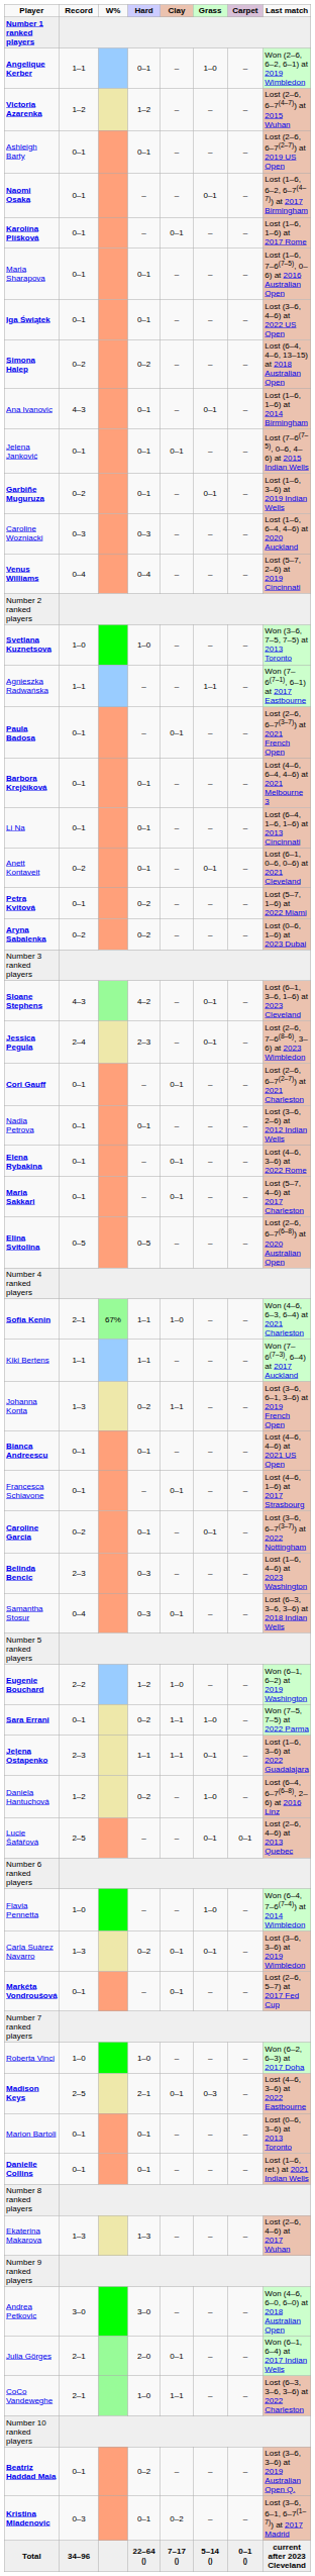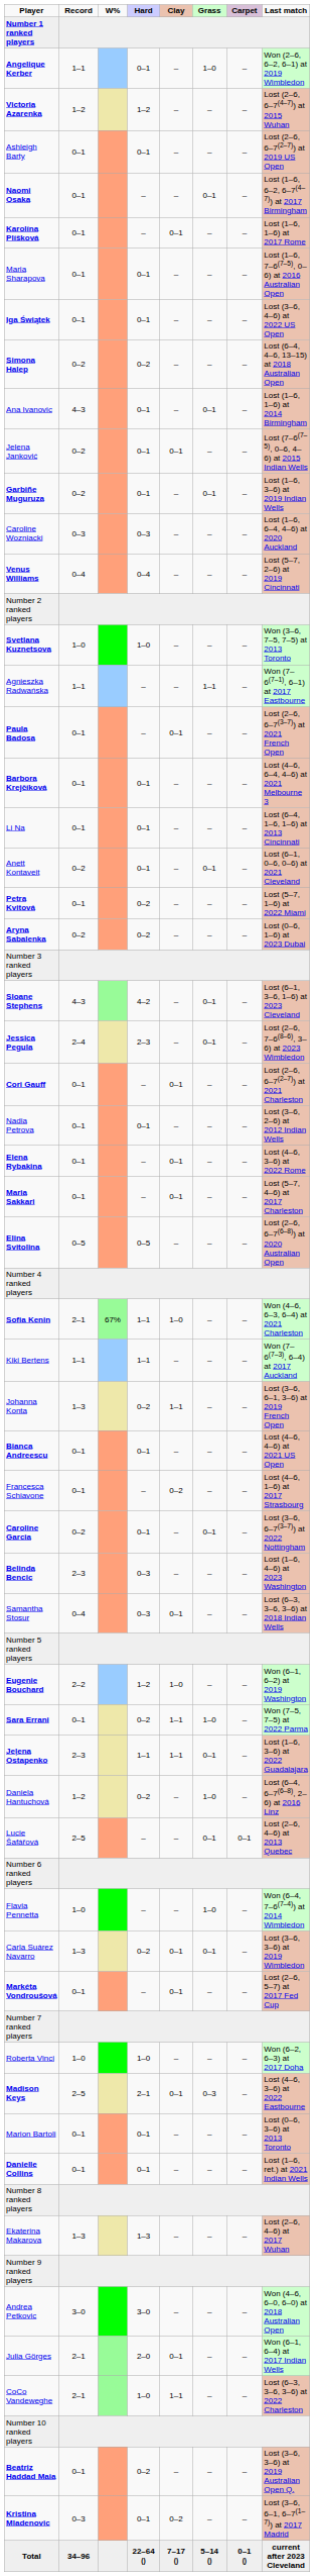 <table class="sortable wikitable" style=text-align:center>
 <tr>
 <td><strong>Player</strong></td>
 <td width=80><strong>Record</strong></td>
 <td width=60><strong>W%</strong></td>
 <td width=70 bgcolor=CCCCFF><strong>Hard</strong></td>
 <td width=70 bgcolor=EBC2AF><strong>Clay</strong></td>
 <td width=70 bgcolor=CCFFCC><strong>Grass</strong></td>
 <td width=70 bgcolor="thistle"><strong>Carpet</strong></td>
 <td><strong>Last match</strong></td>
 </tr>
 <tr bgcolor="efefef">
 <td align="left"><strong><a href='#'>Number 1 ranked players</a></strong></td>
 <td colspan="7"></td>
 </tr>
 <tr>
 <td align=left><strong> <a href='#'>Angelique Kerber</a></strong></td>
 <td>1–1</td>
 <td bgcolor=99ccff></td>
 <td>0–1</td>
 <td>–</td>
 <td>1–0</td>
 <td>–</td>
 <td bgcolor=ccffcc align=left>Won (2–6, 6–2, 6–1) at <a href='#'>2019 Wimbledon</a></td>
 </tr>
 <tr>
 <td align=left><strong> <a href='#'>Victoria Azarenka</a></strong></td>
 <td>1–2</td>
 <td bgcolor=eee8AA></td>
 <td>1–2</td>
 <td>–</td>
 <td>–</td>
 <td>–</td>
 <td bgcolor=ebc2af align=left>Lost (2–6, 6–7<sup>(4–7)</sup>) at <a href='#'>2015 Wuhan</a></td>
 </tr>
 <tr>
 <td align=left> <a href='#'>Ashleigh Barty</a></td>
 <td>0–1</td>
 <td bgcolor=FFA07A></td>
 <td>0–1</td>
 <td>–</td>
 <td>–</td>
 <td>–</td>
 <td bgcolor=ebc2af align=left>Lost (2–6, 6–7<sup>(2–7)</sup>) at <a href='#'>2019 US Open</a></td>
 </tr>
 <tr>
 <td align=left><strong> <a href='#'>Naomi Osaka</a></strong></td>
 <td>0–1</td>
 <td bgcolor=FFA07A></td>
 <td>–</td>
 <td>–</td>
 <td>0–1</td>
 <td>–</td>
 <td bgcolor=ebc2af align=left>Lost (1–6, 6–2, 6–7<sup>(4–7)</sup>) at <a href='#'>2017 Birmingham</a></td>
 </tr>
 <tr>
 <td align=left><strong> <a href='#'>Karolína Plíšková</a></strong></td>
 <td>0–1</td>
 <td bgcolor=FFA07A></td>
 <td>–</td>
 <td>0–1</td>
 <td>–</td>
 <td>–</td>
 <td bgcolor=ebc2af align=left>Lost (1–6, 1–6) at <a href='#'>2017 Rome</a></td>
 </tr>
 <tr>
 <td align=left> <a href='#'>Maria Sharapova</a></td>
 <td>0–1</td>
 <td bgcolor=FFA07A></td>
 <td>0–1</td>
 <td>–</td>
 <td>–</td>
 <td>–</td>
 <td bgcolor=ebc2af align=left>Lost (1–6, 7–6<sup>(7–5)</sup>, 0–6) at <a href='#'>2016 Australian Open</a></td>
 </tr>
 <tr>
 <td align=left><strong> <a href='#'>Iga Świątek</a></strong></td>
 <td>0–1</td>
 <td bgcolor=FFA07A></td>
 <td>0–1</td>
 <td>–</td>
 <td>–</td>
 <td>–</td>
 <td bgcolor=ebc2af align=left>Lost (3–6, 4–6) at <a href='#'>2022 US Open</a></td>
 </tr>
 <tr>
 <td align=left><strong> <a href='#'>Simona Halep</a></strong></td>
 <td>0–2</td>
 <td bgcolor=FFA07A></td>
 <td>0–2</td>
 <td>–</td>
 <td>–</td>
 <td>–</td>
 <td bgcolor=ebc2af align=left>Lost (6–4, 4–6, 13–15) at <a href='#'>2018 Australian Open</a></td>
 </tr>
 <tr>
 <td align=left> <a href='#'>Ana Ivanovic</a></td>
 <td>4–3</td>
 <td bgcolor=FFA07A></td>
 <td>0–1</td>
 <td>–</td>
 <td>0–1</td>
 <td>–</td>
 <td bgcolor=ebc2af align=left>Lost (1–6, 1–6) at <a href='#'>2014 Birmingham</a></td>
 </tr>
 <tr>
 <td align=left> <a href='#'>Jelena Janković</a></td>
-<td>0–1</td>
+<td>0–2</td>
 <td bgcolor=FFA07A></td>
 <td>0–1</td>
 <td>0–1</td>
 <td>–</td>
 <td>–</td>
 <td bgcolor=ebc2af align=left>Lost (7–6<sup>(7–5)</sup>, 0–6, 4–6) at <a href='#'>2015 Indian Wells</a></td>
 </tr>
 <tr>
 <td align=left><strong> <a href='#'>Garbiñe Muguruza</a></strong></td>
 <td>0–2</td>
 <td bgcolor=FFA07A></td>
 <td>0–1</td>
 <td>–</td>
 <td>0–1</td>
 <td>–</td>
 <td bgcolor=ebc2af align=left>Lost (1–6, 3–6) at <a href='#'>2019 Indian Wells</a></td>
 </tr>
 <tr>
 <td align=left> <a href='#'>Caroline Wozniacki</a></td>
 <td>0–3</td>
 <td bgcolor=FFA07A></td>
 <td>0–3</td>
 <td>–</td>
 <td>–</td>
 <td>–</td>
 <td bgcolor=ebc2af align=left>Lost (1–6, 6–4, 4–6) at <a href='#'>2020 Auckland</a></td>
 </tr>
 <tr>
 <td align=left><strong> <a href='#'>Venus Williams</a></strong></td>
 <td>0–4</td>
 <td bgcolor=FFA07A></td>
 <td>0–4</td>
 <td>–</td>
 <td>–</td>
 <td>–</td>
 <td bgcolor=ebc2af align=left>Lost (5–7, 2–6) at <a href='#'>2019 Cincinnati</a></td>
 </tr>
 <tr bgcolor=efefef>
 <td align=left>Number 2 ranked players</td>
 <td colspan="7"></td>
 </tr>
 <tr>
 <td align=left><strong> <a href='#'>Svetlana Kuznetsova</a></strong></td>
 <td>1–0</td>
 <td bgcolor=lime></td>
 <td>1–0</td>
 <td>–</td>
 <td>–</td>
 <td>–</td>
 <td bgcolor=ccffcc align=left>Won (3–6, 7–5, 7–5) at <a href='#'>2013 Toronto</a></td>
 </tr>
 <tr>
 <td align=left> <a href='#'>Agnieszka Radwańska</a></td>
 <td>1–1</td>
 <td bgcolor=99ccff></td>
 <td>–</td>
 <td>–</td>
 <td>1–1</td>
 <td>–</td>
 <td bgcolor=ccffcc align=left>Won (7–6<sup>(7–1)</sup>, 6–1) at <a href='#'>2017 Eastbourne</a></td>
 </tr>
 <tr>
 <td align="left"><strong> <a href='#'>Paula Badosa</a></strong></td>
 <td>0–1</td>
 <td bgcolor="FFA07A"></td>
 <td>–</td>
 <td>0–1</td>
 <td>–</td>
 <td>–</td>
 <td bgcolor="ebc2af" align="left">Lost (2–6, 6–7<sup>(3–7)</sup>) at <a href='#'>2021 French Open</a></td>
 </tr>
 <tr>
 <td align=left><strong> <a href='#'>Barbora Krejčíková</a></strong></td>
 <td>0–1</td>
 <td bgcolor=FFA07A></td>
 <td>0–1</td>
 <td>–</td>
 <td>–</td>
 <td>–</td>
 <td bgcolor=ebc2af align=left>Lost (4–6, 6–4, 4–6) at <a href='#'>2021 Melbourne 3</a></td>
 </tr>
 <tr>
 <td align=left> <a href='#'>Li Na</a></td>
 <td>0–1</td>
 <td bgcolor=FFA07A></td>
 <td>0–1</td>
 <td>–</td>
 <td>–</td>
 <td>–</td>
 <td bgcolor=ebc2af align=left>Lost (6–4, 1–6, 1–6) at <a href='#'>2013 Cincinnati</a></td>
 </tr>
 <tr>
 <td align="left"> <a href='#'>Anett Kontaveit</a></td>
 <td>0–2</td>
 <td bgcolor="FFA07A"></td>
 <td>0–1</td>
 <td>–</td>
 <td>0–1</td>
 <td>–</td>
 <td bgcolor="ebc2af" align="left">Lost (6–1, 0–6, 0–6) at <a href='#'>2021 Cleveland</a></td>
 </tr>
 <tr>
 <td align=left><strong> <a href='#'>Petra Kvitová</a></strong></td>
 <td>0–1</td>
 <td bgcolor=FFA07A></td>
 <td>0–2</td>
 <td>–</td>
 <td>–</td>
 <td>–</td>
 <td bgcolor=ebc2af align=left>Lost (5–7, 1–6) at <a href='#'>2022 Miami</a></td>
 </tr>
 <tr>
 <td align="left"><strong> <a href='#'>Aryna Sabalenka</a></strong></td>
 <td>0–2</td>
 <td bgcolor="FFA07A"></td>
 <td>0–2</td>
 <td>–</td>
 <td>–</td>
 <td>–</td>
 <td bgcolor="ebc2af" align="left">Lost (0–6, 1–6) at <a href='#'>2023 Dubai</a></td>
 </tr>
 <tr bgcolor=efefef>
 <td align=left>Number 3 ranked players</td>
 <td colspan="7"></td>
 </tr>
 <tr>
 <td align=left><strong> <a href='#'>Sloane Stephens</a></strong></td>
 <td>4–3</td>
 <td bgcolor=98FB98></td>
 <td>4–2</td>
 <td>–</td>
 <td>0–1</td>
 <td>–</td>
 <td bgcolor="ebc2af" align="left">Lost (6–1, 3–6, 1–6) at <a href='#'>2023 Cleveland</a></td>
 </tr>
 <tr>
 <td align=left><strong> <a href='#'>Jessica Pegula</a></strong></td>
 <td>2–4</td>
 <td bgcolor=eee8AA></td>
 <td>2–3</td>
 <td>–</td>
 <td>0–1</td>
 <td>–</td>
 <td bgcolor=ebc2af align=left>Lost (2–6, 7–6<sup>(8–6)</sup>, 3–6) at <a href='#'>2023 Wimbledon</a></td>
 </tr>
 <tr>
 <td align="left"><strong> <a href='#'>Cori Gauff</a></strong></td>
 <td>0–1</td>
 <td bgcolor="FFA07A"></td>
 <td>–</td>
 <td>0–1</td>
 <td>–</td>
 <td>–</td>
 <td bgcolor="ebc2af" align="left">Lost (2–6, 6–7<sup>(2–7)</sup>) at <a href='#'>2021 Charleston</a></td>
 </tr>
 <tr>
 <td align=left> <a href='#'>Nadia Petrova</a></td>
 <td>0–1</td>
 <td bgcolor=FFA07A></td>
 <td>0–1</td>
 <td>–</td>
 <td>–</td>
 <td>–</td>
 <td bgcolor=ebc2af align=left>Lost (3–6, 2–6) at <a href='#'>2012 Indian Wells</a></td>
 </tr>
 <tr>
 <td align=left><strong> <a href='#'>Elena Rybakina</a></strong></td>
 <td>0–1</td>
 <td bgcolor=FFA07A></td>
 <td>–</td>
 <td>0–1</td>
 <td>–</td>
 <td>–</td>
 <td bgcolor=ebc2af align=left>Lost (4–6, 3–6) at <a href='#'>2022 Rome</a></td>
 </tr>
 <tr>
 <td align=left><strong> <a href='#'>Maria Sakkari</a></strong></td>
 <td>0–1</td>
 <td bgcolor=FFA07A></td>
 <td>–</td>
 <td>0–1</td>
 <td>–</td>
 <td>–</td>
 <td bgcolor=ebc2af align=left>Lost (5–7, 4–6) at <a href='#'>2017 Charleston</a></td>
 </tr>
 <tr>
 <td align=left><strong> <a href='#'>Elina Svitolina</a></strong></td>
 <td>0–5</td>
 <td bgcolor=FFA07A></td>
 <td>0–5</td>
 <td>–</td>
 <td>–</td>
 <td>–</td>
 <td bgcolor=ebc2af align=left>Lost (2–6, 6–7<sup>(6–8)</sup>) at <a href='#'>2020 Australian Open</a></td>
 </tr>
 <tr bgcolor=efefef>
 <td align=left>Number 4 ranked players</td>
 <td colspan="7"></td>
 </tr>
 <tr>
 <td align=left><strong> <a href='#'>Sofia Kenin</a></strong></td>
 <td>2–1</td>
 <td bgcolor=98fb98>67%</td>
 <td>1–1</td>
 <td>1–0</td>
 <td>–</td>
 <td>–</td>
 <td bgcolor=ccffcc align=left>Won (4–6, 6–3, 6–4) at <a href='#'>2021 Charleston</a></td>
 </tr>
 <tr>
 <td align=left> <a href='#'>Kiki Bertens</a></td>
 <td>1–1</td>
 <td bgcolor=99ccff></td>
 <td>1–1</td>
 <td>–</td>
 <td>–</td>
 <td>–</td>
 <td bgcolor=ccffcc align=left>Won (7–6<sup>(7–3)</sup>, 6–4) at <a href='#'>2017 Auckland</a></td>
 </tr>
 <tr>
 <td align=left> <a href='#'>Johanna Konta</a></td>
 <td>1–3</td>
 <td bgcolor=eee8AA></td>
 <td>0–2</td>
 <td>1–1</td>
 <td>–</td>
 <td>–</td>
 <td bgcolor=ebc2af align=left>Lost (3–6, 6–1, 3–6) at <a href='#'>2019 French Open</a></td>
 </tr>
 <tr>
 <td align=left><strong> <a href='#'>Bianca Andreescu</a></strong></td>
 <td>0–1</td>
 <td bgcolor=FFA07A></td>
 <td>0–1</td>
 <td>–</td>
 <td>–</td>
 <td>–</td>
 <td bgcolor=ebc2af align=left>Lost (4–6, 4–6) at <a href='#'>2021 US Open</a></td>
 </tr>
 <tr>
 <td align=left> <a href='#'>Francesca Schiavone</a></td>
 <td>0–1</td>
 <td bgcolor=FFA07A></td>
 <td>–</td>
-<td>0–1</td>
+<td>0–2</td>
 <td>–</td>
 <td>–</td>
 <td bgcolor=ebc2af align=left>Lost (4–6, 1–6) at <a href='#'>2017 Strasbourg</a></td>
 </tr>
 <tr>
 <td align=left><strong> <a href='#'>Caroline Garcia</a></strong></td>
 <td>0–2</td>
 <td bgcolor=FFA07A></td>
 <td>0–1</td>
 <td>–</td>
 <td>0–1</td>
 <td>–</td>
 <td bgcolor=ebc2af align=left>Lost (3–6, 6–7<sup>(3–7)</sup>) at <a href='#'>2022 Nottingham</a></td>
 </tr>
 <tr>
 <td align=left><strong> <a href='#'>Belinda Bencic</a></strong></td>
 <td>2–3</td>
 <td bgcolor=FFA07A></td>
 <td>0–3</td>
 <td>–</td>
 <td>–</td>
 <td>–</td>
 <td bgcolor=ebc2af align=left>Lost (1–6, 4–6) at <a href='#'>2023 Washington</a></td>
 </tr>
 <tr>
 <td align=left> <a href='#'>Samantha Stosur</a></td>
 <td>0–4</td>
 <td bgcolor=FFA07A></td>
 <td>0–3</td>
 <td>0–1</td>
 <td>–</td>
 <td>–</td>
 <td bgcolor=ebc2af align=left>Lost (6–3, 3–6, 3–6) at <a href='#'>2018 Indian Wells</a></td>
 </tr>
 <tr bgcolor=efefef>
 <td align=left>Number 5 ranked players</td>
 <td colspan="7"></td>
 </tr>
 <tr>
 <td align=left><strong> <a href='#'>Eugenie Bouchard</a></strong></td>
 <td>2–2</td>
 <td bgcolor=99ccff></td>
 <td>1–2</td>
 <td>1–0</td>
 <td>–</td>
 <td>–</td>
 <td bgcolor=ccffcc align=left>Won (6–1, 6–2) at <a href='#'>2019 Washington</a></td>
 </tr>
 <tr>
 <td align=left><strong> <a href='#'>Sara Errani</a></strong></td>
 <td>0–1</td>
 <td bgcolor=eee8AA></td>
 <td>0–2</td>
 <td>1–1</td>
 <td>1–0</td>
 <td>–</td>
 <td bgcolor=#cfc align=left>Won (7–5, 7–5) at <a href='#'>2022 Parma</a></td>
 </tr>
 <tr>
 <td align=left><strong> <a href='#'>Jeļena Ostapenko</a></strong></td>
 <td>2–3</td>
 <td bgcolor=eee8AA></td>
 <td>1–1</td>
 <td>1–1</td>
 <td>0–1</td>
 <td>–</td>
 <td bgcolor=ebc2af align=left>Lost (1–6, 3–6) at <a href='#'>2022 Guadalajara</a></td>
 </tr>
 <tr>
 <td align=left> <a href='#'>Daniela Hantuchová</a></td>
 <td>1–2</td>
 <td bgcolor=eee8AA></td>
 <td>0–2</td>
 <td>–</td>
 <td>1–0</td>
 <td>–</td>
 <td bgcolor=ebc2af align=left>Lost (6–4, 6–7<sup>(6–8)</sup>, 2–6) at <a href='#'>2016 Linz</a></td>
 </tr>
 <tr>
 <td align=left> <a href='#'>Lucie Šafářová</a></td>
 <td>2–5</td>
 <td bgcolor=FFA07A></td>
 <td>–</td>
 <td>–</td>
 <td>0–1</td>
 <td>0–1</td>
 <td bgcolor=ebc2af align=left>Lost (2–6, 4–6) at <a href='#'>2013 Quebec</a></td>
 </tr>
 <tr bgcolor=efefef>
 <td align=left>Number 6 ranked players</td>
 <td colspan="7"></td>
 </tr>
 <tr>
 <td align=left> <a href='#'>Flavia Pennetta</a></td>
 <td>1–0</td>
 <td bgcolor=lime></td>
 <td>–</td>
 <td>–</td>
 <td>1–0</td>
 <td>–</td>
 <td bgcolor=ccffcc align=left>Won (6–4, 7–6<sup>(7–4)</sup>) at <a href='#'>2014 Wimbledon</a></td>
 </tr>
 <tr>
 <td align=left> <a href='#'>Carla Suárez Navarro</a></td>
 <td>1–3</td>
 <td bgcolor=eee8AA></td>
 <td>0–2</td>
 <td>0–1</td>
 <td>0–1</td>
 <td>–</td>
 <td bgcolor=ebc2af align=left>Lost (3–6, 3–6) at <a href='#'>2019 Wimbledon</a></td>
 </tr>
 <tr>
 <td align=left><strong> <a href='#'>Markéta Vondroušová</a></strong></td>
 <td>0–1</td>
 <td bgcolor=FFA07A></td>
 <td>–</td>
 <td>0–1</td>
 <td>–</td>
 <td>–</td>
 <td bgcolor=ebc2af align=left>Lost (2–6, 5–7) at <a href='#'>2017 Fed Cup</a></td>
 </tr>
 <tr bgcolor=efefef>
 <td align=left>Number 7 ranked players</td>
 <td colspan="7"></td>
 </tr>
 <tr>
 <td align=left> <a href='#'>Roberta Vinci</a></td>
 <td>1–0</td>
 <td bgcolor=lime></td>
 <td>1–0</td>
 <td>–</td>
 <td>–</td>
 <td>–</td>
 <td bgcolor=ccffcc align=left>Won (6–2, 6–3) at <a href='#'>2017 Doha</a></td>
 </tr>
 <tr>
 <td align=left><strong> <a href='#'>Madison Keys</a></strong></td>
 <td>2–5</td>
 <td bgcolor=eee8AA></td>
 <td>2–1</td>
 <td>0–1</td>
 <td>0–3</td>
 <td>–</td>
 <td bgcolor=ebc2af align=left>Lost (4–6, 3–6) at <a href='#'>2022 Eastbourne</a></td>
 </tr>
 <tr>
 <td align=left> <a href='#'>Marion Bartoli</a></td>
 <td>0–1</td>
 <td bgcolor=FFA07A></td>
 <td>0–1</td>
 <td>–</td>
 <td>–</td>
 <td>–</td>
 <td bgcolor=ebc2af align=left>Lost (0–6, 3–6) at <a href='#'>2013 Toronto</a></td>
 </tr>
 <tr>
 <td align="left"><strong> <a href='#'>Danielle Collins</a></strong></td>
 <td>0–1</td>
 <td bgcolor="FFA07A"></td>
 <td>0–1</td>
 <td>–</td>
 <td>–</td>
 <td>–</td>
 <td bgcolor="ebc2af" align="left">Lost (1–6, ret.) at <a href='#'>2021 Indian Wells</a></td>
 </tr>
 <tr bgcolor="efefef">
 <td align="left">Number 8 ranked players</td>
 <td colspan="7"></td>
 </tr>
 <tr>
 <td align=left> <a href='#'>Ekaterina Makarova</a></td>
 <td>1–3</td>
 <td bgcolor=eee8AA></td>
 <td>1–3</td>
 <td>–</td>
 <td>–</td>
 <td>–</td>
 <td bgcolor=ebc2af align=left>Lost (2–6, 4–6) at <a href='#'>2017 Wuhan</a></td>
 </tr>
 <tr bgcolor="efefef">
 <td align="left">Number 9 ranked players</td>
 <td colspan="7"></td>
 </tr>
 <tr>
 <td align="left"> <a href='#'>Andrea Petkovic</a></td>
 <td>3–0</td>
 <td bgcolor="lime"></td>
 <td>3–0</td>
 <td>–</td>
 <td>–</td>
 <td>–</td>
 <td bgcolor="ccffcc" align="left">Won (4–6, 6–0, 6–0) at <a href='#'>2018 Australian Open</a></td>
 </tr>
 <tr>
 <td align="left"> <a href='#'>Julia Görges</a></td>
 <td>2–1</td>
 <td bgcolor="#98fb98"></td>
 <td>2–0</td>
 <td>0–1</td>
 <td>–</td>
 <td>–</td>
 <td bgcolor="ccffcc" align="left">Won (6–1, 6–4) at <a href='#'>2017 Indian Wells</a></td>
 </tr>
 <tr>
 <td align="left"> <a href='#'>CoCo Vandeweghe</a></td>
 <td>2–1</td>
 <td bgcolor="98FB98"></td>
 <td>1–0</td>
 <td>1–1</td>
 <td>–</td>
 <td>–</td>
 <td bgcolor="ebc2af" align="left">Lost (6–3, 3–6, 3–6) at <a href='#'>2022 Charleston</a></td>
 </tr>
 <tr bgcolor="efefef">
 <td align="left">Number 10 ranked players</td>
 <td colspan="7"></td>
 </tr>
 <tr>
 <td align=left><strong> <a href='#'>Beatriz Haddad Maia</a></strong></td>
 <td>0–1</td>
 <td bgcolor=FFA07A></td>
 <td>0–2</td>
 <td>–</td>
 <td>–</td>
 <td>–</td>
 <td bgcolor=ebc2af align=left>Lost (3–6, 3–6) at <a href='#'>2019 Australian Open Q.</a></td>
 </tr>
 <tr>
 <td align=left><strong> <a href='#'>Kristina Mladenovic</a></strong></td>
 <td>0–3</td>
 <td bgcolor=FFA07A></td>
 <td>0–1</td>
 <td>0–2</td>
 <td>–</td>
 <td>–</td>
 <td bgcolor=ebc2af align=left>Lost (3–6, 6–1, 6–7<sup>(1–7)</sup>) at <a href='#'>2017 Madrid</a></td>
 </tr>
 <tr class="sortbottom" style="font-weight:bold; background:#efefef;">
 <td>Total</td>
 <td>34–96</td>
 <td></td>
 <td>22–64 <br> <small>()</small></td>
 <td>7–17 <br><small>()</small></td>
 <td>5–14 <br> <small>()</small></td>
 <td>0–1 <br> <small>()</small></td>
 <td>current after 2023 Cleveland</td>
 </tr>
 </table>
